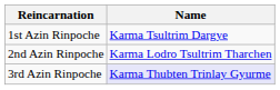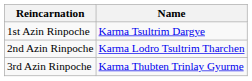 <table class="wikitable">
 <tr>
 <th>Reincarnation</th>
 <th>Name</th>
 </tr>
 <tr>
 <td>1st Azin Rinpoche</td>
 <td><a href='#'>Karma Tsultrim Dargye</a></td>
 </tr>
 <tr>
 <td>2nd Azin Rinpoche</td>
 <td><a href='#'>Karma Lodro Tsultrim Tharchen</a></td>
 </tr>
 <tr>
 <td>3rd Azin Rinpoche</td>
-<td style="background: lavender;"><a href='#'>Karma Thubten Trinlay Gyurme</a></td>
+<td><a href='#'>Karma Thubten Trinlay Gyurme</a></td>
 </tr>
 </table>
